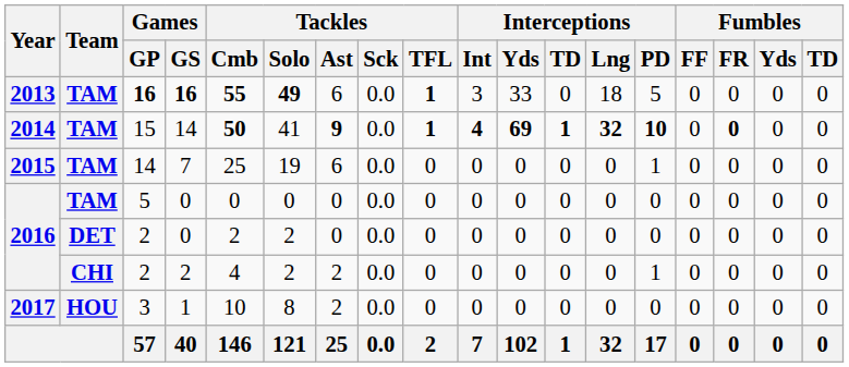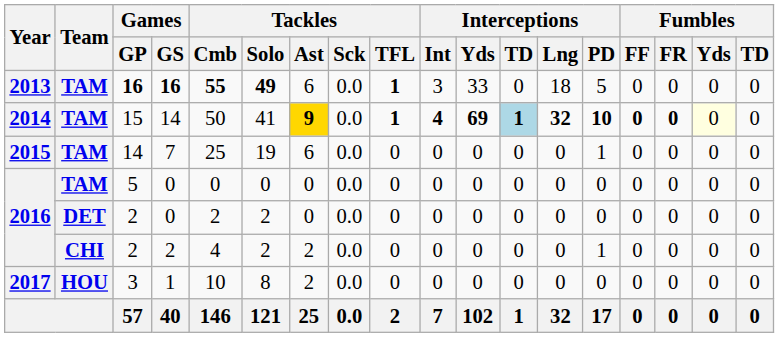 <table class="wikitable" style="text-align:center">
 <tr>
 <th rowspan="2">Year</th>
 <th rowspan="2">Team</th>
 <th colspan="2">Games</th>
 <th colspan="5">Tackles</th>
 <th colspan="5">Interceptions</th>
 <th colspan="4">Fumbles</th>
 </tr>
 <tr>
 <th>GP</th>
 <th>GS</th>
 <th>Cmb</th>
 <th>Solo</th>
 <th>Ast</th>
 <th>Sck</th>
 <th>TFL</th>
 <th>Int</th>
 <th>Yds</th>
 <th>TD</th>
 <th>Lng</th>
 <th>PD</th>
 <th>FF</th>
 <th>FR</th>
 <th>Yds</th>
 <th>TD</th>
 </tr>
 <tr>
 <th><a href='#'>2013</a></th>
 <th><a href='#'>TAM</a></th>
 <td><strong>16</strong></td>
 <td><strong>16</strong></td>
 <td><strong>55</strong></td>
 <td><strong>49</strong></td>
 <td>6</td>
 <td>0.0</td>
 <td><strong>1</strong></td>
 <td>3</td>
 <td>33</td>
 <td>0</td>
 <td>18</td>
 <td>5</td>
 <td>0</td>
 <td>0</td>
 <td>0</td>
 <td>0</td>
 </tr>
 <tr>
 <th><a href='#'>2014</a></th>
 <th><a href='#'>TAM</a></th>
 <td>15</td>
 <td>14</td>
-<td><strong>50</strong></td>
+<td>50</td>
 <td>41</td>
-<td><strong>9</strong></td>
+<td style="background: gold;"><strong>9</strong></td>
 <td>0.0</td>
 <td><strong>1</strong></td>
 <td><strong>4</strong></td>
 <td><strong>69</strong></td>
-<td><strong>1</strong></td>
+<td style="background: lightblue;"><strong>1</strong></td>
 <td><strong>32</strong></td>
 <td><strong>10</strong></td>
-<td>0</td>
 <td><strong>0</strong></td>
-<td>0</td>
+<td><strong>0</strong></td>
+<td style="background: lightyellow;">0</td>
 <td>0</td>
 </tr>
 <tr>
 <th><a href='#'>2015</a></th>
 <th><a href='#'>TAM</a></th>
 <td>14</td>
 <td>7</td>
 <td>25</td>
 <td>19</td>
 <td>6</td>
 <td>0.0</td>
 <td>0</td>
 <td>0</td>
 <td>0</td>
 <td>0</td>
 <td>0</td>
 <td>1</td>
 <td>0</td>
 <td>0</td>
 <td>0</td>
 <td>0</td>
 </tr>
 <tr>
 <th rowspan="3"><a href='#'>2016</a></th>
 <th><a href='#'>TAM</a></th>
 <td>5</td>
 <td>0</td>
 <td>0</td>
 <td>0</td>
 <td>0</td>
 <td>0.0</td>
 <td>0</td>
 <td>0</td>
 <td>0</td>
 <td>0</td>
 <td>0</td>
 <td>0</td>
 <td>0</td>
 <td>0</td>
 <td>0</td>
 <td>0</td>
 </tr>
 <tr>
 <th><a href='#'>DET</a></th>
 <td>2</td>
 <td>0</td>
 <td>2</td>
 <td>2</td>
 <td>0</td>
 <td>0.0</td>
 <td>0</td>
 <td>0</td>
 <td>0</td>
 <td>0</td>
 <td>0</td>
 <td>0</td>
 <td>0</td>
 <td>0</td>
 <td>0</td>
 <td>0</td>
 </tr>
 <tr>
 <th><a href='#'>CHI</a></th>
 <td>2</td>
 <td>2</td>
 <td>4</td>
 <td>2</td>
 <td>2</td>
 <td>0.0</td>
 <td>0</td>
 <td>0</td>
 <td>0</td>
 <td>0</td>
 <td>0</td>
 <td>1</td>
 <td>0</td>
 <td>0</td>
 <td>0</td>
 <td>0</td>
 </tr>
 <tr>
 <th><a href='#'>2017</a></th>
 <th><a href='#'>HOU</a></th>
 <td>3</td>
 <td>1</td>
 <td>10</td>
 <td>8</td>
 <td>2</td>
 <td>0.0</td>
 <td>0</td>
 <td>0</td>
 <td>0</td>
 <td>0</td>
 <td>0</td>
 <td>0</td>
 <td>0</td>
 <td>0</td>
 <td>0</td>
 <td>0</td>
 </tr>
 <tr>
 <th colspan="2"></th>
 <th>57</th>
 <th>40</th>
 <th>146</th>
 <th>121</th>
 <th>25</th>
 <th>0.0</th>
 <th>2</th>
 <th>7</th>
 <th>102</th>
 <th>1</th>
 <th>32</th>
 <th>17</th>
 <th>0</th>
 <th>0</th>
 <th>0</th>
 <th>0</th>
 </tr>
 </table>
